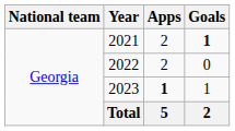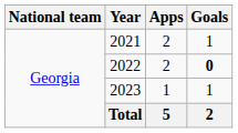 <table class="wikitable" style="text-align:center">
 <tr>
 <th>National team</th>
 <th>Year</th>
 <th>Apps</th>
 <th>Goals</th>
 </tr>
 <tr>
 <td rowspan="4"><a href='#'>Georgia</a></td>
 <td>2021</td>
 <td>2</td>
-<td><strong>1</strong></td>
+<td>1</td>
 </tr>
 <tr>
 <td>2022</td>
 <td>2</td>
-<td>0</td>
+<td><strong>0</strong></td>
 </tr>
 <tr>
 <td>2023</td>
-<td><strong>1</strong></td>
+<td>1</td>
 <td>1</td>
 </tr>
 <tr>
 <th>Total</th>
 <th>5</th>
 <th>2</th>
 </tr>
 </table>
